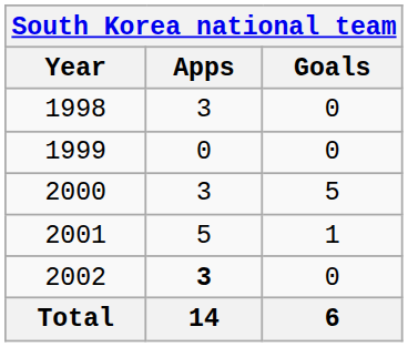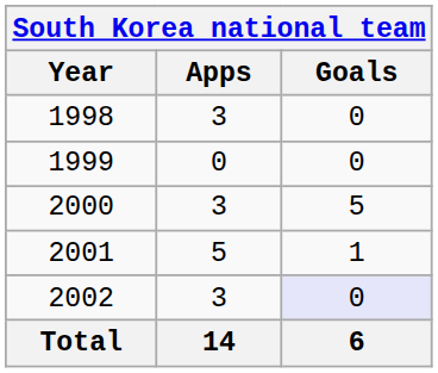 <table class="wikitable" style="text-align:center">
 <tr>
 <th colspan=3><a href='#'>South Korea national team</a></th>
 </tr>
 <tr>
 <th>Year</th>
 <th>Apps</th>
 <th>Goals</th>
 </tr>
 <tr>
 <td>1998</td>
 <td>3</td>
 <td>0</td>
 </tr>
 <tr>
 <td>1999</td>
 <td>0</td>
 <td>0</td>
 </tr>
 <tr>
 <td>2000</td>
 <td>3</td>
 <td>5</td>
 </tr>
 <tr>
 <td>2001</td>
 <td>5</td>
 <td>1</td>
 </tr>
 <tr>
 <td>2002</td>
-<td><strong>3</strong></td>
-<td>0</td>
+<td>3</td>
+<td style="background: lavender;">0</td>
 </tr>
 <tr>
 <th>Total</th>
 <th>14</th>
 <th>6</th>
 </tr>
 </table>
